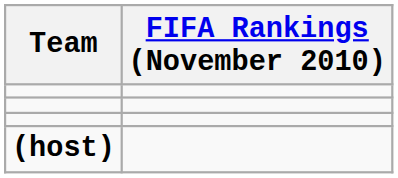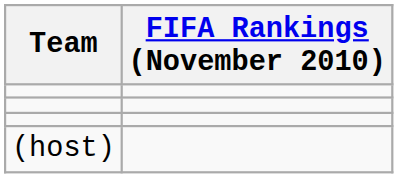 <table class="wikitable sortable" style="text-align: left;">
 <tr>
 <th>Team</th>
 <th><a href='#'>FIFA Rankings</a><br>(November 2010)</th>
 </tr>
 <tr>
 <td></td>
 <td></td>
 </tr>
 <tr>
 <td></td>
 <td></td>
 </tr>
 <tr>
 <td></td>
 <td></td>
 </tr>
 <tr>
-<td><strong> (host)</strong></td>
+<td> (host)</td>
 <td></td>
 </tr>
 </table>
